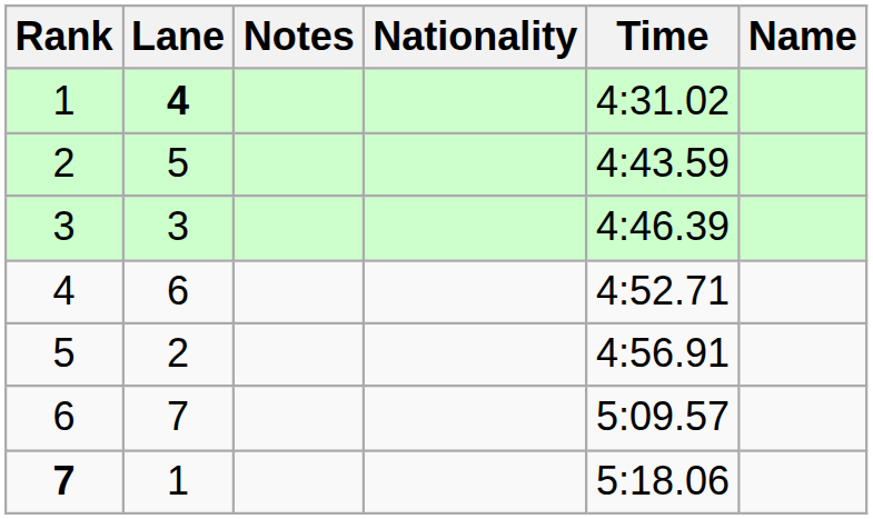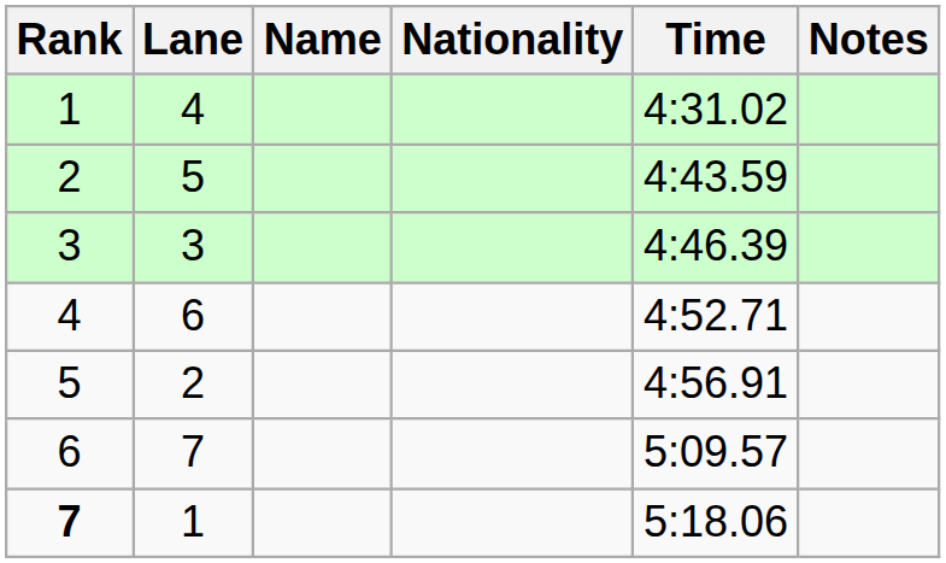 <table class="wikitable sortable" style="text-align:center">
 <tr>
 <th>Rank</th>
 <th>Lane</th>
-<th>Notes</th>
+<th>Name</th>
 <th>Nationality</th>
 <th>Time</th>
-<th>Name</th>
+<th>Notes</th>
 </tr>
 <tr bgcolor=ccffcc>
 <td>1</td>
-<td><strong>4</strong></td>
-<td><strong></strong></td>
+<td>4</td>
+<td align=left></td>
 <td align=left></td>
 <td>4:31.02</td>
-<td align=left></td>
+<td><strong></strong></td>
 </tr>
 <tr bgcolor=ccffcc>
 <td>2</td>
 <td>5</td>
-<td><strong></strong></td>
+<td align=left></td>
 <td align=left></td>
 <td>4:43.59</td>
-<td align=left></td>
+<td><strong></strong></td>
 </tr>
 <tr bgcolor=ccffcc>
 <td>3</td>
 <td>3</td>
-<td><strong></strong></td>
+<td align=left></td>
 <td align=left></td>
 <td>4:46.39</td>
-<td align=left></td>
+<td><strong></strong></td>
 </tr>
 <tr>
 <td>4</td>
 <td>6</td>
-<td></td>
+<td align=left></td>
 <td align=left></td>
 <td>4:52.71</td>
-<td align=left></td>
+<td></td>
 </tr>
 <tr>
 <td>5</td>
 <td>2</td>
-<td></td>
+<td align=left></td>
 <td align=left></td>
 <td>4:56.91</td>
-<td align=left></td>
+<td></td>
 </tr>
 <tr>
 <td>6</td>
 <td>7</td>
-<td></td>
+<td align=left></td>
 <td align=left></td>
 <td>5:09.57</td>
-<td align=left></td>
+<td></td>
 </tr>
 <tr>
 <td><strong>7</strong></td>
 <td>1</td>
-<td></td>
+<td align=left></td>
 <td align=left></td>
 <td>5:18.06</td>
-<td align=left></td>
+<td></td>
 </tr>
 </table>
